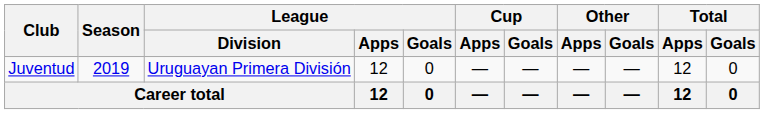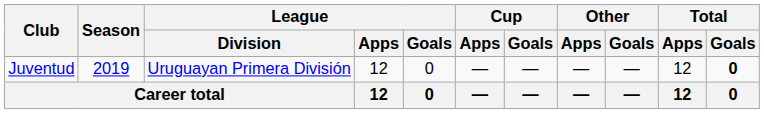 <table class=wikitable style=text-align:center>
 <tr>
 <th rowspan=2>Club</th>
 <th rowspan=2>Season</th>
 <th colspan=3>League</th>
 <th colspan=2>Cup</th>
 <th colspan=2>Other</th>
 <th colspan=2>Total</th>
 </tr>
 <tr>
 <th>Division</th>
 <th>Apps</th>
 <th>Goals</th>
 <th>Apps</th>
 <th>Goals</th>
 <th>Apps</th>
 <th>Goals</th>
 <th>Apps</th>
 <th>Goals</th>
 </tr>
 <tr>
 <td><a href='#'>Juventud</a></td>
 <td><a href='#'>2019</a></td>
 <td><a href='#'>Uruguayan Primera División</a></td>
 <td>12</td>
 <td>0</td>
 <td>—</td>
 <td>—</td>
 <td>—</td>
 <td>—</td>
 <td>12</td>
-<td>0</td>
+<td><strong>0</strong></td>
 </tr>
 <tr>
 <th colspan=3>Career total</th>
 <th>12</th>
 <th>0</th>
 <th>—</th>
 <th>—</th>
 <th>—</th>
 <th>—</th>
 <th>12</th>
 <th>0</th>
 </tr>
 </table>
